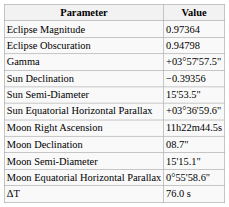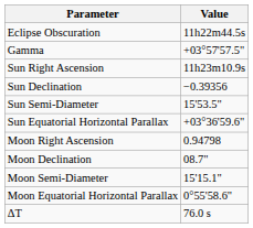 <table class="wikitable">
 <tr>
 <th>Parameter</th>
 <th>Value</th>
 </tr>
 <tr>
-<td>Eclipse Magnitude</td>
-<td>0.97364</td>
-</tr>
-<tr>
 <td>Eclipse Obscuration</td>
-<td>0.94798</td>
+<td>11h22m44.5s</td>
 </tr>
 <tr>
 <td>Gamma</td>
 <td>+03°57'57.5"</td>
+</tr>
+<tr>
+<td>Sun Right Ascension</td>
+<td>11h23m10.9s</td>
 </tr>
 <tr>
 <td>Sun Declination</td>
 <td>−0.39356</td>
 </tr>
 <tr>
 <td>Sun Semi-Diameter</td>
 <td>15'53.5"</td>
 </tr>
 <tr>
 <td>Sun Equatorial Horizontal Parallax</td>
 <td>+03°36'59.6"</td>
 </tr>
 <tr>
 <td>Moon Right Ascension</td>
-<td>11h22m44.5s</td>
+<td>0.94798</td>
 </tr>
 <tr>
 <td>Moon Declination</td>
 <td>08.7"</td>
 </tr>
 <tr>
 <td>Moon Semi-Diameter</td>
 <td>15'15.1"</td>
 </tr>
 <tr>
 <td>Moon Equatorial Horizontal Parallax</td>
 <td>0°55'58.6"</td>
 </tr>
 <tr>
 <td>ΔT</td>
 <td>76.0 s</td>
 </tr>
 </table>
